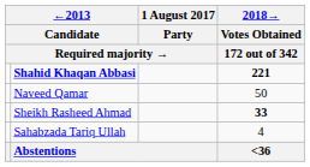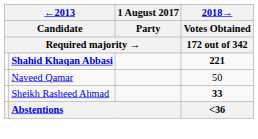 <table class="wikitable">
 <tr>
 <th colspan=2><a href='#'>←2013</a></th>
 <th>1 August 2017</th>
 <th><a href='#'>2018→</a></th>
 </tr>
 <tr>
 <th colspan=2>Candidate</th>
 <th>Party</th>
 <th>Votes Obtained</th>
 </tr>
 <tr>
 <th colspan=3>Required majority →</th>
 <th>172 out of 342</th>
 </tr>
 <tr>
 <td></td>
 <td><strong><a href='#'>Shahid Khaqan Abbasi</a></strong></td>
 <td></td>
 <td style="text-align:center;"><strong>221</strong> </td>
 </tr>
 <tr>
 <td></td>
 <td><a href='#'>Naveed Qamar</a></td>
 <td></td>
 <td style="text-align:center;">50 </td>
 </tr>
 <tr>
 <td></td>
 <td><a href='#'>Sheikh Rasheed Ahmad</a></td>
 <td></td>
 <td style="text-align:center;"><strong>33 </strong></td>
 </tr>
-<tr>
-<td></td>
-<td><a href='#'>Sahabzada Tariq Ullah</a></td>
-<td></td>
-<td style="text-align:center;">4 </td>
-</tr>
 <tr class=sortbottom style="background:#f2f2f2; font-weight:bold">
 <td></td>
 <td colspan=2><a href='#'>Abstentions</a></td>
 <td style="text-align:center;"><36</td>
 </tr>
 </table>
